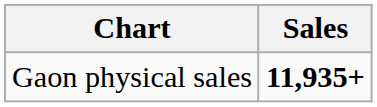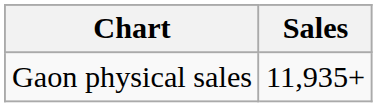 <table class="wikitable">
 <tr>
 <th>Chart</th>
 <th>Sales</th>
 </tr>
 <tr>
 <td>Gaon physical sales</td>
-<td align="center"><strong>11,935+</strong></td>
+<td align="center">11,935+</td>
 </tr>
 </table>
